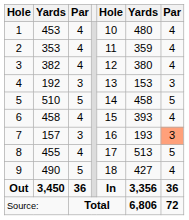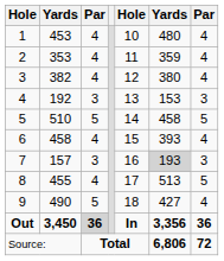 <table class="wikitable" style="text-align:center; font-size:100%;">
 <tr>
 <th>Hole</th>
 <th>Yards</th>
 <th>Par</th>
 <th></th>
 <th>Hole</th>
 <th>Yards</th>
 <th>Par</th>
 </tr>
 <tr>
 <td>1</td>
 <td>453</td>
 <td>4</td>
 <td rowspan=10 style="background:#DCDCDC;"></td>
 <td>10</td>
 <td>480</td>
 <td>4</td>
 </tr>
 <tr>
 <td>2</td>
 <td>353</td>
 <td>4</td>
 <td>11</td>
 <td>359</td>
 <td>4</td>
 </tr>
 <tr>
 <td>3</td>
 <td>382</td>
 <td>4</td>
 <td>12</td>
 <td>380</td>
 <td>4</td>
 </tr>
 <tr>
 <td>4</td>
 <td>192</td>
 <td>3</td>
 <td>13</td>
 <td>153</td>
 <td>3</td>
 </tr>
 <tr>
 <td>5</td>
 <td>510</td>
 <td>5</td>
 <td>14</td>
 <td>458</td>
 <td>5</td>
 </tr>
 <tr>
 <td>6</td>
 <td>458</td>
 <td>4</td>
 <td>15</td>
 <td>393</td>
 <td>4</td>
 </tr>
 <tr>
 <td>7</td>
 <td>157</td>
 <td>3</td>
 <td>16</td>
-<td>193</td>
-<td style="background: lightsalmon;">3</td>
+<td style="background: lightgrey;">193</td>
+<td>3</td>
 </tr>
 <tr>
 <td>8</td>
 <td>455</td>
 <td>4</td>
 <td>17</td>
 <td>513</td>
 <td>5</td>
 </tr>
 <tr>
 <td>9</td>
 <td>490</td>
 <td>5</td>
 <td>18</td>
 <td>427</td>
 <td>4</td>
 </tr>
 <tr>
 <td><strong>Out</strong></td>
 <td><strong>3,450</strong></td>
-<td><strong>36</strong></td>
+<td style="background: lightgrey;"><strong>36</strong></td>
 <td><strong>In</strong></td>
 <td><strong>3,356</strong></td>
 <td><strong>36</strong></td>
 </tr>
 <tr>
 <td colspan=2 align=left><small>Source:</small></td>
 <td colspan=3><strong>Total</strong></td>
 <td><strong>6,806</strong></td>
 <td><strong>72</strong></td>
 </tr>
 </table>
